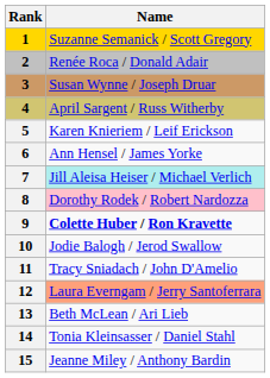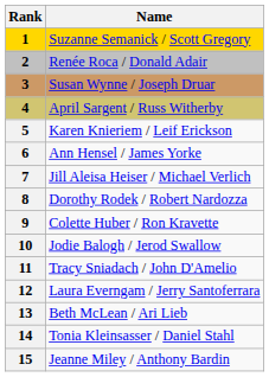 <table class="wikitable">
 <tr>
 <th>Rank</th>
 <th>Name</th>
 </tr>
 <tr bgcolor="gold">
 <td align="center"><strong>1</strong></td>
 <td><a href='#'>Suzanne Semanick</a> / <a href='#'>Scott Gregory</a></td>
 </tr>
 <tr bgcolor="silver">
 <td align="center"><strong>2</strong></td>
 <td><a href='#'>Renée Roca</a> / <a href='#'>Donald Adair</a></td>
 </tr>
 <tr bgcolor="cc9966">
 <td align="center"><strong>3</strong></td>
 <td><a href='#'>Susan Wynne</a> / <a href='#'>Joseph Druar</a></td>
 </tr>
 <tr bgcolor="#d1c571">
 <td align="center"><strong>4</strong></td>
 <td><a href='#'>April Sargent</a> / <a href='#'>Russ Witherby</a></td>
 </tr>
 <tr>
 <th>5</th>
 <td><a href='#'>Karen Knieriem</a> / <a href='#'>Leif Erickson</a></td>
 </tr>
 <tr>
 <th>6</th>
 <td><a href='#'>Ann Hensel</a> / <a href='#'>James Yorke</a></td>
 </tr>
 <tr>
 <th>7</th>
-<td style="background: paleturquoise;"><a href='#'>Jill Aleisa Heiser</a> / <a href='#'>Michael Verlich</a></td>
+<td><a href='#'>Jill Aleisa Heiser</a> / <a href='#'>Michael Verlich</a></td>
 </tr>
 <tr>
 <th>8</th>
-<td style="background: pink;"><a href='#'>Dorothy Rodek</a> / <a href='#'>Robert Nardozza</a></td>
+<td><a href='#'>Dorothy Rodek</a> / <a href='#'>Robert Nardozza</a></td>
 </tr>
 <tr>
 <th>9</th>
-<td><strong><a href='#'>Colette Huber</a> / <a href='#'>Ron Kravette</a></strong></td>
+<td><a href='#'>Colette Huber</a> / <a href='#'>Ron Kravette</a></td>
 </tr>
 <tr>
 <th>10</th>
 <td><a href='#'>Jodie Balogh</a> / <a href='#'>Jerod Swallow</a></td>
 </tr>
 <tr>
 <th>11</th>
 <td><a href='#'>Tracy Sniadach</a> / <a href='#'>John D'Amelio</a></td>
 </tr>
 <tr>
 <th>12</th>
-<td style="background: lightsalmon;"><a href='#'>Laura Everngam</a> / <a href='#'>Jerry Santoferrara</a></td>
+<td><a href='#'>Laura Everngam</a> / <a href='#'>Jerry Santoferrara</a></td>
 </tr>
 <tr>
 <th>13</th>
 <td><a href='#'>Beth McLean</a> / <a href='#'>Ari Lieb</a></td>
 </tr>
 <tr>
 <th>14</th>
 <td><a href='#'>Tonia Kleinsasser</a> / <a href='#'>Daniel Stahl</a></td>
 </tr>
 <tr>
 <th>15</th>
 <td><a href='#'>Jeanne Miley</a> / <a href='#'>Anthony Bardin</a></td>
 </tr>
 </table>
